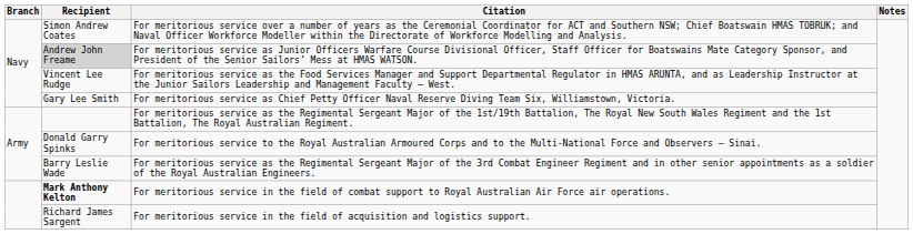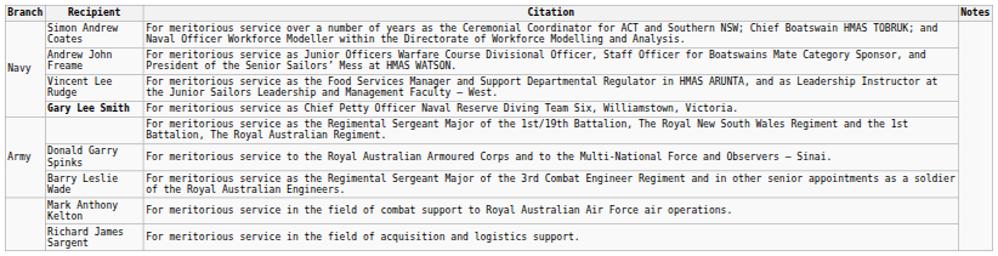 <table class="wikitable" style="font-size:95%;">
 <tr>
 <th>Branch</th>
 <th>Recipient</th>
 <th>Citation</th>
 <th>Notes</th>
 </tr>
 <tr>
 <td rowspan=4>Navy</td>
 <td> Simon Andrew Coates </td>
 <td>For meritorious service over a number of years as the Ceremonial Coordinator for ACT and Southern NSW; Chief Boatswain HMAS TOBRUK; and Naval Officer Workforce Modeller within the Directorate of Workforce Modelling and Analysis.</td>
 <td rowspan=10></td>
 </tr>
 <tr>
-<td style="background: lightgrey;"> Andrew John Freame</td>
+<td> Andrew John Freame</td>
 <td>For meritorious service as Junior Officers Warfare Course Divisional Officer, Staff Officer for Boatswains Mate Category Sponsor, and President of the Senior Sailors’ Mess at HMAS WATSON.</td>
 </tr>
 <tr>
 <td> Vincent Lee Rudge</td>
 <td>For meritorious service as the Food Services Manager and Support Departmental Regulator in HMAS ARUNTA, and as Leadership Instructor at the Junior Sailors Leadership and Management Faculty – West.</td>
 </tr>
 <tr>
-<td> Gary Lee Smith</td>
+<td><strong> Gary Lee Smith</strong></td>
 <td>For meritorious service as Chief Petty Officer Naval Reserve Diving Team Six, Williamstown, Victoria.</td>
 </tr>
 <tr>
 <td rowspan=3>Army</td>
 <td></td>
 <td>For meritorious service as the Regimental Sergeant Major of the 1st/19th Battalion, The Royal New South Wales Regiment and the 1st Battalion, The Royal Australian Regiment.</td>
 </tr>
 <tr>
 <td> Donald Garry Spinks</td>
 <td>For meritorious service to the Royal Australian Armoured Corps and to the Multi-National Force and Observers – Sinai.</td>
 </tr>
 <tr>
 <td> Barry Leslie Wade</td>
 <td>For meritorious service as the Regimental Sergeant Major of the 3rd Combat Engineer Regiment and in other senior appointments as a soldier of the Royal Australian Engineers.</td>
 </tr>
 <tr>
 <td rowspan=2></td>
-<td><strong> Mark Anthony Kelton</strong></td>
+<td> Mark Anthony Kelton</td>
 <td>For meritorious service in the field of combat support to Royal Australian Air Force air operations.</td>
 </tr>
 <tr>
 <td> Richard James Sargent </td>
 <td>For meritorious service in the field of acquisition and logistics support.</td>
 </tr>
 </table>
